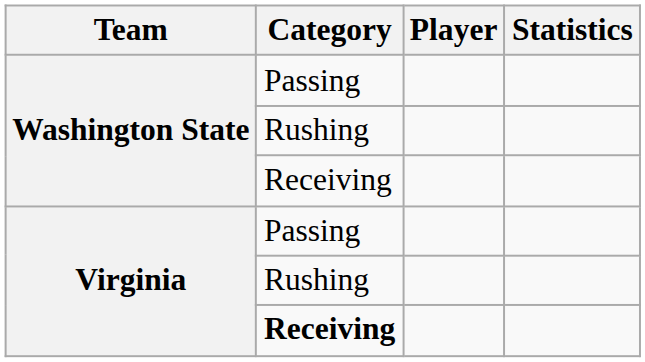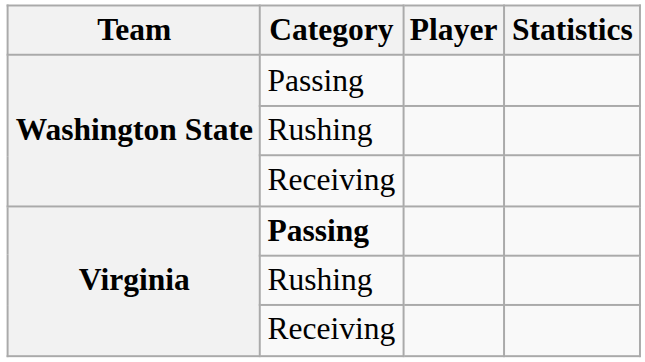 <table class="wikitable" style="float:right">
 <tr>
 <th>Team</th>
 <th>Category</th>
 <th>Player</th>
 <th>Statistics</th>
 </tr>
 <tr>
 <th rowspan=3>Washington State</th>
 <td>Passing</td>
 <td></td>
 <td></td>
 </tr>
 <tr>
 <td>Rushing</td>
 <td></td>
 <td></td>
 </tr>
 <tr>
 <td>Receiving</td>
 <td></td>
 <td></td>
 </tr>
 <tr>
 <th rowspan=3>Virginia</th>
-<td>Passing</td>
+<td><strong>Passing</strong></td>
 <td></td>
 <td></td>
 </tr>
 <tr>
 <td>Rushing</td>
 <td></td>
 <td></td>
 </tr>
 <tr>
-<td><strong>Receiving</strong></td>
+<td>Receiving</td>
 <td></td>
 <td></td>
 </tr>
 </table>
